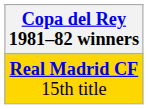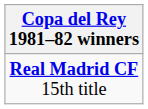 <table class="wikitable" style="text-align: center; margin: 0 auto;">
 <tr>
 <th><a href='#'>Copa del Rey</a><br>1981–82 winners</th>
 </tr>
 <tr>
-<td style="background: gold;"><strong><a href='#'>Real Madrid CF</a></strong><br>15th title</td>
+<td><strong><a href='#'>Real Madrid CF</a></strong><br>15th title</td>
 </tr>
 </table>
